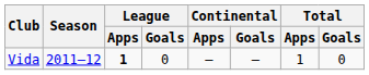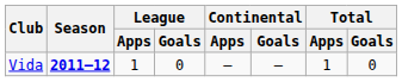 <table class="wikitable" style="font-size:98%; text-align: center;">
 <tr>
 <th rowspan="2">Club</th>
 <th rowspan="2">Season</th>
 <th colspan="2">League</th>
 <th colspan="2">Continental</th>
 <th colspan="2">Total</th>
 </tr>
 <tr>
 <th>Apps</th>
 <th>Goals</th>
 <th>Apps</th>
 <th>Goals</th>
 <th>Apps</th>
 <th>Goals</th>
 </tr>
 <tr>
 <td rowspan="1" valign="center"><a href='#'>Vida</a></td>
-<td><a href='#'>2011–12</a></td>
-<td><strong>1</strong></td>
+<td><strong><a href='#'>2011–12</a></strong></td>
+<td>1</td>
 <td>0</td>
 <td>–</td>
 <td>–</td>
 <td>1</td>
 <td>0</td>
 </tr>
 </table>
